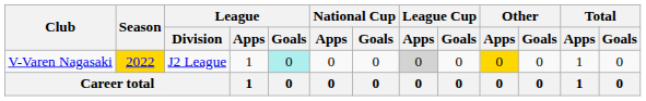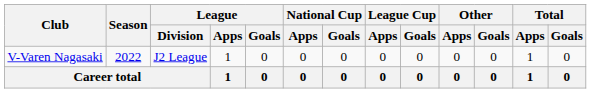 <table class="wikitable" style="text-align: center">
 <tr>
 <th rowspan="2">Club</th>
 <th rowspan="2">Season</th>
 <th colspan="3">League</th>
 <th colspan="2">National Cup</th>
 <th colspan="2">League Cup</th>
 <th colspan="2">Other</th>
 <th colspan="2">Total</th>
 </tr>
 <tr>
 <th>Division</th>
 <th>Apps</th>
 <th>Goals</th>
 <th>Apps</th>
 <th>Goals</th>
 <th>Apps</th>
 <th>Goals</th>
 <th>Apps</th>
 <th>Goals</th>
 <th>Apps</th>
 <th>Goals</th>
 </tr>
 <tr>
 <td><a href='#'>V-Varen Nagasaki</a></td>
-<td style="background: gold;"><a href='#'>2022</a></td>
+<td><a href='#'>2022</a></td>
 <td><a href='#'>J2 League</a></td>
 <td>1</td>
-<td style="background: paleturquoise;">0</td>
 <td>0</td>
 <td>0</td>
-<td style="background: lightgrey;">0</td>
 <td>0</td>
-<td style="background: gold;">0</td>
+<td>0</td>
+<td>0</td>
+<td>0</td>
 <td>0</td>
 <td>1</td>
 <td>0</td>
 </tr>
 <tr>
 <th colspan=3>Career total</th>
 <th>1</th>
 <th>0</th>
 <th>0</th>
 <th>0</th>
 <th>0</th>
 <th>0</th>
 <th>0</th>
 <th>0</th>
 <th>1</th>
 <th>0</th>
 </tr>
 </table>
